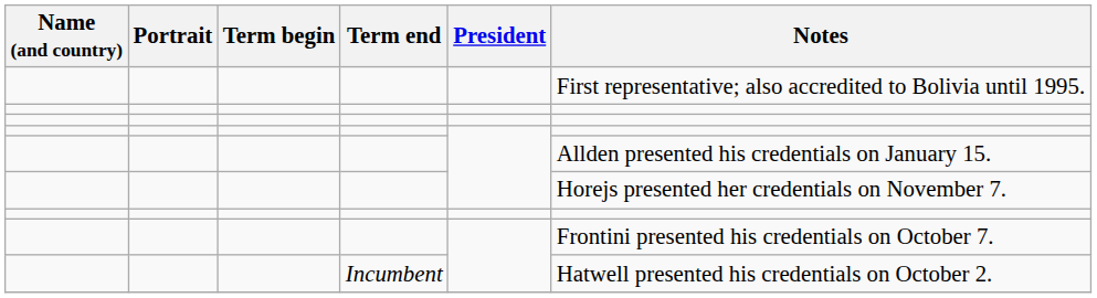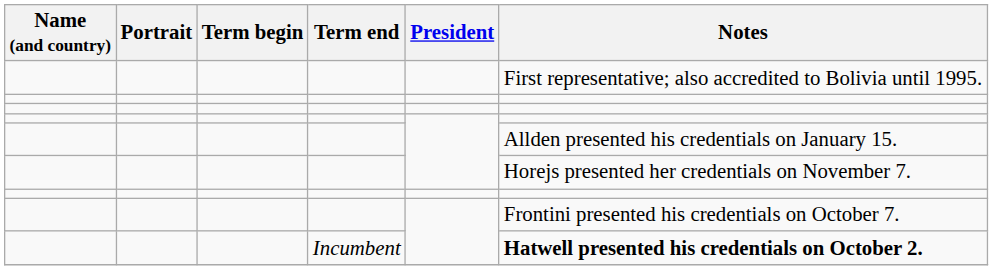 <table class="wikitable sortable"  text-align:center;">
 <tr>
 <th>Name<br><small>(and country)</small></th>
 <th class="unsortable">Portrait</th>
 <th>Term begin</th>
 <th>Term end</th>
 <th><a href='#'>President</a></th>
 <th class="unsortable">Notes</th>
 </tr>
 <tr>
 <td> </td>
 <td></td>
 <td></td>
 <td></td>
 <td></td>
 <td>First representative; also accredited to Bolivia until 1995.</td>
 </tr>
 <tr>
 <td> </td>
 <td></td>
 <td></td>
 <td></td>
 <td></td>
 <td></td>
 </tr>
 <tr>
 <td> </td>
 <td></td>
 <td></td>
 <td></td>
 <td></td>
 <td></td>
 </tr>
 <tr>
 <td> </td>
 <td></td>
 <td></td>
 <td></td>
 <td rowspan=3></td>
 <td></td>
 </tr>
 <tr>
 <td> </td>
 <td></td>
 <td></td>
 <td></td>
 <td>Allden presented his credentials on January 15.</td>
 </tr>
 <tr>
 <td> </td>
 <td></td>
 <td></td>
 <td></td>
 <td>Horejs presented her credentials on November 7.</td>
 </tr>
 <tr>
 <td> </td>
 <td></td>
 <td></td>
 <td></td>
 <td></td>
 <td></td>
 </tr>
 <tr>
 <td> </td>
 <td></td>
 <td></td>
 <td></td>
 <td rowspan=2></td>
 <td>Frontini presented his credentials on October 7.</td>
 </tr>
 <tr>
 <td> </td>
 <td></td>
 <td></td>
 <td><em>Incumbent</em></td>
-<td>Hatwell presented his credentials on October 2.</td>
+<td><strong>Hatwell presented his credentials on October 2.</strong></td>
 </tr>
 <tr>
 </tr>
 </table>
